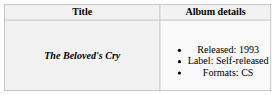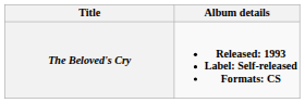 <table class="wikitable plainrowheaders" style="text-align:center;">
 <tr>
 <th scope="col" style="width:15em;">Title</th>
 <th scope="col">Album details</th>
 </tr>
 <tr>
 <th scope="row"><em>The Beloved's Cry</em></th>
-<td><br><ul><li>Released: 1993</li><li>Label: Self-released</li><li>Formats: CS</li></ul></td>
+<td><strong><br><ul><li>Released: 1993</li><li>Label: Self-released</li><li>Formats: CS</li></ul></strong></td>
 </tr>
 </table>
